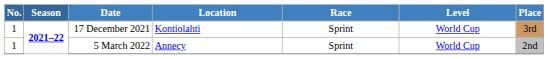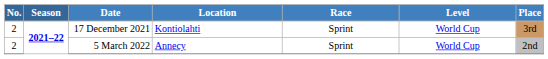 <table class="wikitable sortable" style="font-size:95%; text-align:center; border:grey solid 1px; border-collapse:collapse; background:#ffffff;">
 <tr style="background:#efefef;">
 <th style="background-color:#369; color:white;">No.</th>
 <th style="background-color:#369; color:white;">Season</th>
 <th style="background-color:#4180be; color:white; width:120px;">Date</th>
 <th style="background-color:#4180be; color:white; width:190px;">Location</th>
 <th style="background-color:#4180be; color:white; width:170px;">Race</th>
 <th style="background-color:#4180be; color:white; width:170px;">Level</th>
 <th style="background-color:#4180be; color:white;">Place</th>
 </tr>
 <tr>
-<td align="center">1</td>
+<td align="center">2</td>
 <td rowspan="10" align="center"><strong> <a href='#'>2021–22</a> </strong></td>
 <td align="right">17 December 2021</td>
 <td align="left"> <a href='#'>Kontiolahti</a></td>
 <td>Sprint</td>
 <td><a href='#'>World Cup</a></td>
 <td align=center bgcolor="#c96">3rd</td>
 </tr>
 <tr>
-<td align="center">1</td>
+<td align="center">2</td>
 <td align="right">5 March 2022</td>
 <td align="left"> <a href='#'>Annecy</a></td>
 <td>Sprint</td>
 <td><a href='#'>World Cup</a></td>
 <td align=center bgcolor="silver">2nd</td>
 </tr>
 <tr>
 </tr>
 </table>
